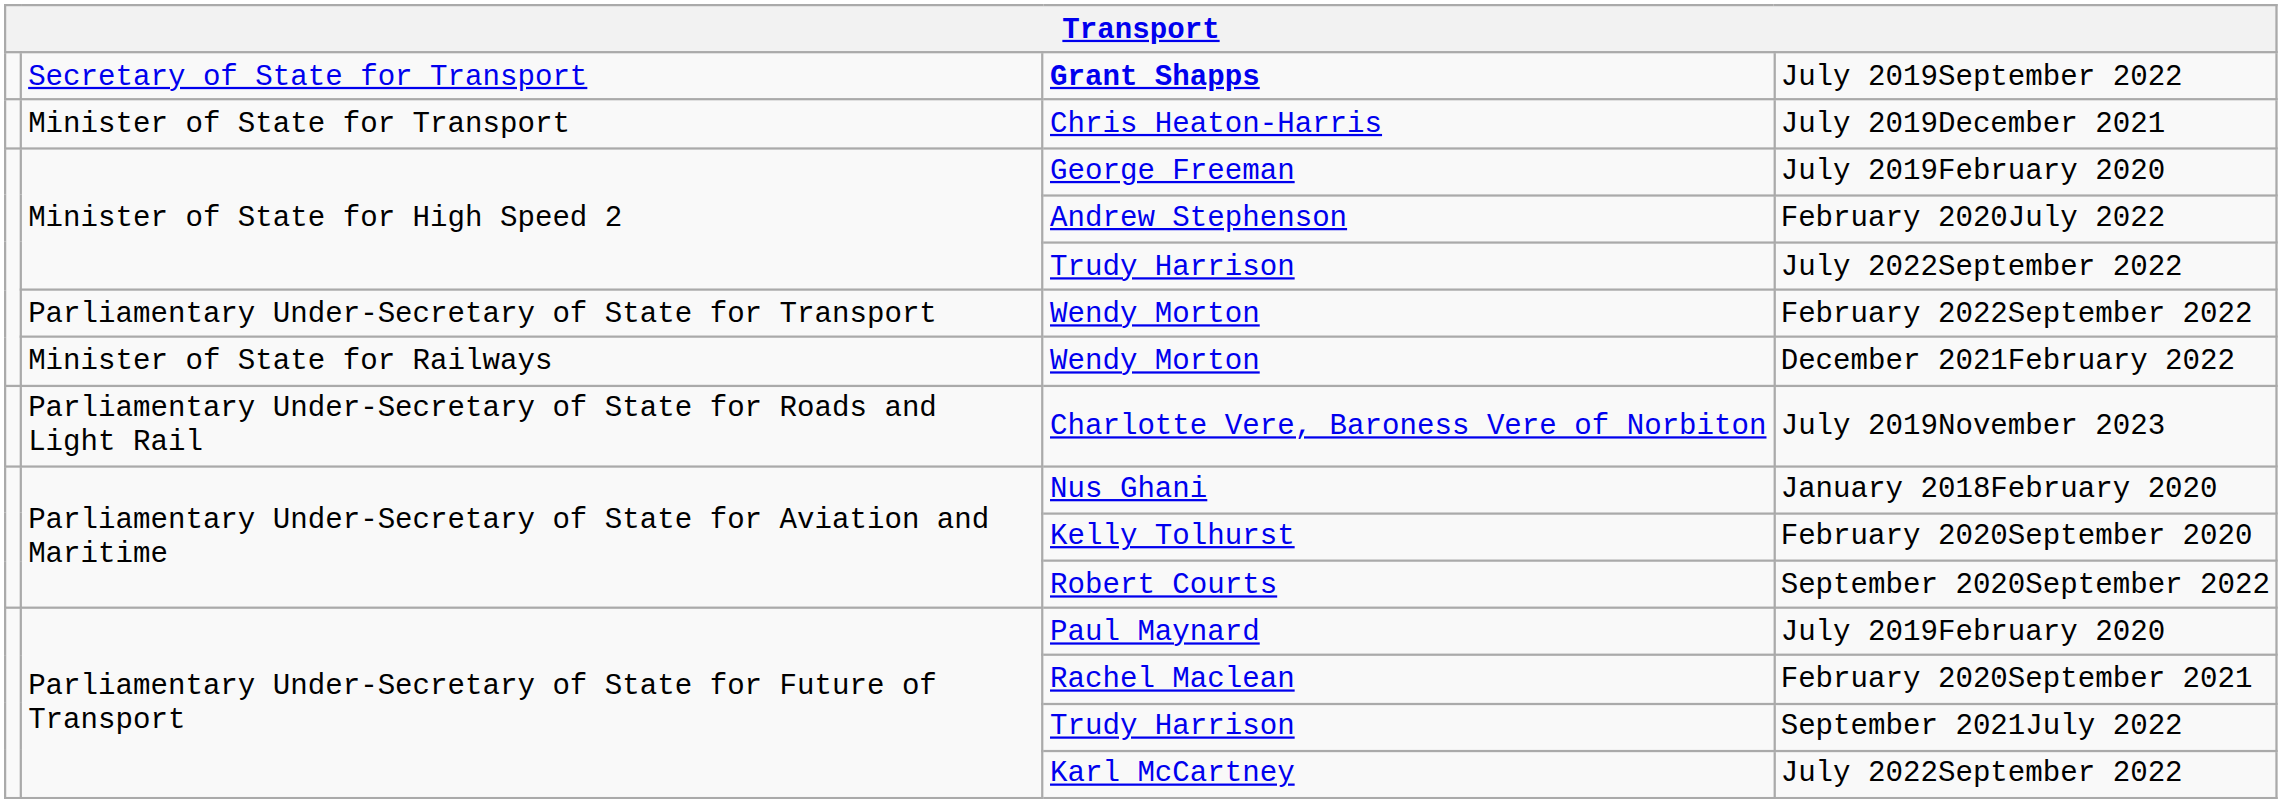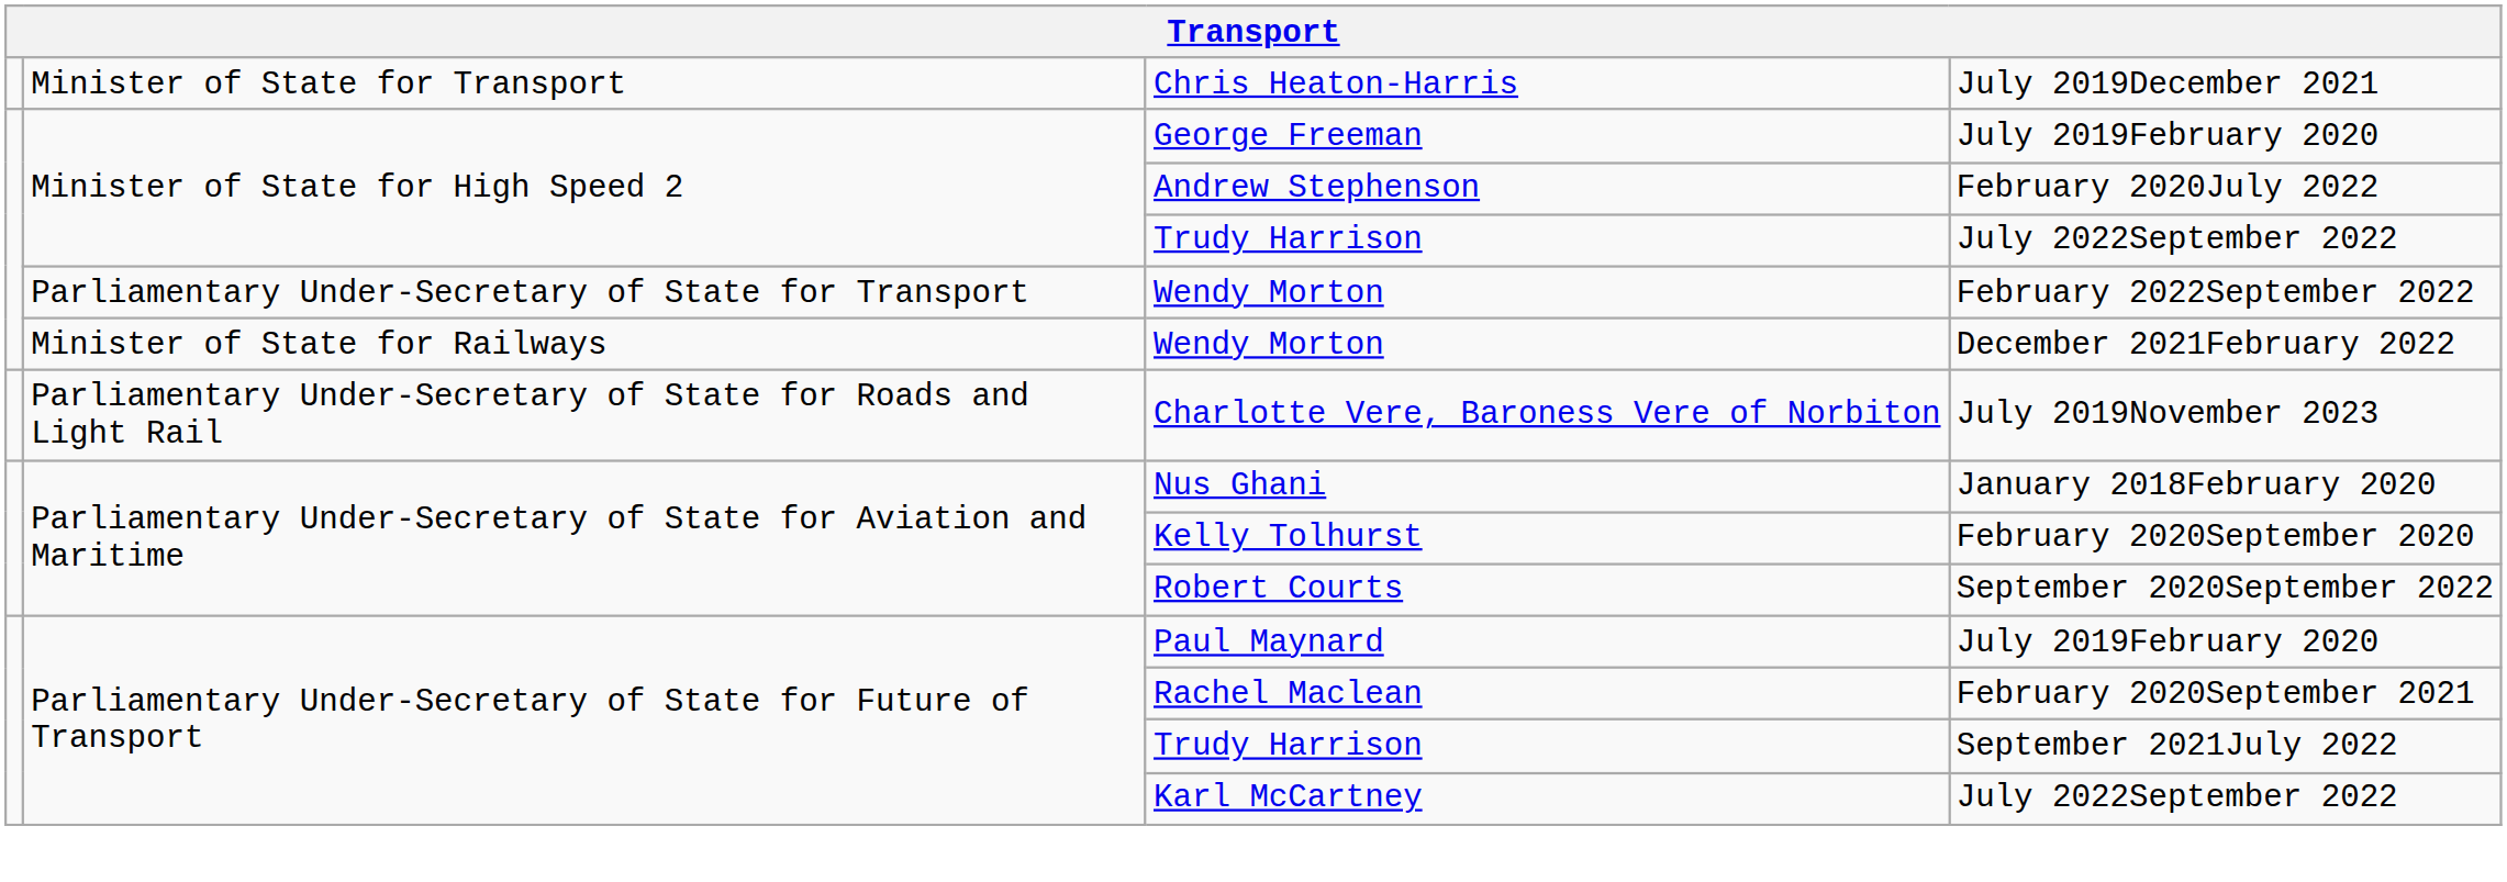 <table class="wikitable">
 <tr>
 <th colspan="4"><a href='#'>Transport</a></th>
-</tr>
-<tr>
-<td style="width: 1px; background: "></td>
-<td style="width: 450px;"><a href='#'>Secretary of State for Transport</a></td>
-<td style="width: 320px;"><strong><a href='#'>Grant Shapps</a></strong></td>
-<td>July 2019September 2022</td>
 </tr>
 <tr>
 <td style="width: 1px; background: "></td>
 <td style="width: 450px;">Minister of State for Transport</td>
 <td style="width: 320px;"><a href='#'>Chris Heaton-Harris</a></td>
 <td>July 2019December 2021</td>
 </tr>
 <tr>
 <td rowspan=5 style="width: 1px; background: "></td>
 <td rowspan=3 style="width: 450px;">Minister of State for High Speed 2</td>
 <td style="width: 320px;"><a href='#'>George Freeman</a></td>
 <td>July 2019February 2020</td>
 </tr>
 <tr>
 <td><a href='#'>Andrew Stephenson</a></td>
 <td>February 2020July 2022</td>
 </tr>
 <tr>
 <td><a href='#'>Trudy Harrison</a></td>
 <td>July 2022September 2022</td>
 </tr>
 <tr>
 <td style="width: 450px;">Parliamentary Under-Secretary of State for Transport</td>
 <td style="width: 320px;"><a href='#'>Wendy Morton</a></td>
 <td>February 2022September 2022</td>
 </tr>
 <tr>
 <td style="width: 450px;">Minister of State for Railways</td>
 <td style="width: 320px;"><a href='#'>Wendy Morton</a></td>
 <td>December 2021February 2022</td>
 </tr>
 <tr>
 <td style="width: 1px; background: "></td>
 <td>Parliamentary Under-Secretary of State for Roads and Light Rail</td>
 <td><a href='#'>Charlotte Vere, Baroness Vere of Norbiton</a></td>
 <td>July 2019November 2023</td>
 </tr>
 <tr>
 <td rowspan=3 style="width: 1px; background: "></td>
 <td rowspan=3 style="width: 450px;">Parliamentary Under-Secretary of State for Aviation and Maritime</td>
 <td style="width: 320px;"><a href='#'>Nus Ghani</a></td>
 <td>January 2018February 2020</td>
 </tr>
 <tr>
 <td><a href='#'>Kelly Tolhurst</a></td>
 <td>February 2020September 2020</td>
 </tr>
 <tr>
 <td><a href='#'>Robert Courts</a></td>
 <td>September 2020September 2022</td>
 </tr>
 <tr>
 <td rowspan=4 style="width: 1px; background: "></td>
 <td rowspan=4>Parliamentary Under-Secretary of State for Future of Transport</td>
 <td><a href='#'>Paul Maynard</a></td>
 <td>July 2019February 2020</td>
 </tr>
 <tr>
 <td><a href='#'>Rachel Maclean</a></td>
 <td>February 2020September 2021</td>
 </tr>
 <tr>
 <td><a href='#'>Trudy Harrison</a></td>
 <td>September 2021July 2022</td>
 </tr>
 <tr>
 <td><a href='#'>Karl McCartney</a></td>
 <td>July 2022September 2022</td>
 </tr>
 </table>
